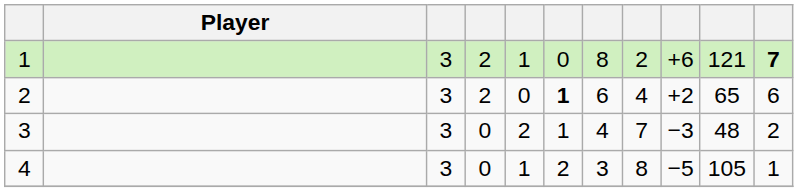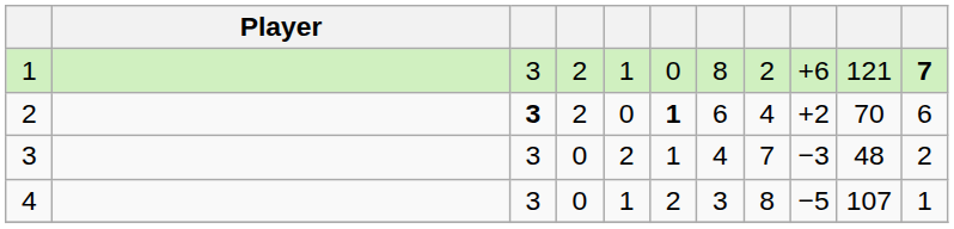 <table class="wikitable" style="text-align:center;">
 <tr>
 <th width=20></th>
 <th width=260>Player</th>
 <th width=20></th>
 <th width=20></th>
 <th width=20></th>
 <th width=20></th>
 <th width=20></th>
 <th width=20></th>
 <th width=20></th>
 <th width=30></th>
 <th width=20></th>
 </tr>
 <tr style="background:#D0F0C0;">
 <td>1</td>
 <td align=left> <small></small></td>
 <td>3</td>
 <td>2</td>
 <td>1</td>
 <td>0</td>
 <td>8</td>
 <td>2</td>
 <td>+6</td>
 <td>121</td>
 <td><strong>7</strong></td>
 </tr>
 <tr>
 <td>2</td>
 <td align=left> <small></small></td>
-<td>3</td>
+<td><strong>3</strong></td>
 <td>2</td>
 <td>0</td>
 <td><strong>1</strong></td>
 <td>6</td>
 <td>4</td>
 <td>+2</td>
-<td>65</td>
+<td>70</td>
 <td>6</td>
 </tr>
 <tr>
 <td>3</td>
 <td align=left> <small></small></td>
 <td>3</td>
 <td>0</td>
 <td>2</td>
 <td>1</td>
 <td>4</td>
 <td>7</td>
 <td>−3</td>
 <td>48</td>
 <td>2</td>
 </tr>
 <tr>
 <td>4</td>
 <td align=left> <small></small></td>
 <td>3</td>
 <td>0</td>
 <td>1</td>
 <td>2</td>
 <td>3</td>
 <td>8</td>
 <td>−5</td>
-<td>105</td>
+<td>107</td>
 <td>1</td>
 </tr>
 <tr>
 </tr>
 </table>
